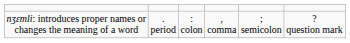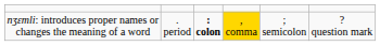 <table class="wikitable Unicode" style="border-collapse:collapse;text-align:center;">
 <tr style="font-size:x-large;">
 <td></td>
 <td></td>
 <td></td>
 <td></td>
 <td></td>
 <td></td>
 </tr>
 <tr>
 <td><em>nʒɛmli</em>: introduces proper names or<br>changes the meaning of a word</td>
 <td>.<br>period</td>
-<td>:<br>colon</td>
-<td>,<br>comma</td>
+<td><strong>:<br>colon</strong></td>
+<td style="background: gold;">,<br>comma</td>
 <td>;<br>semicolon</td>
 <td>?<br>question mark</td>
 </tr>
 </table>
